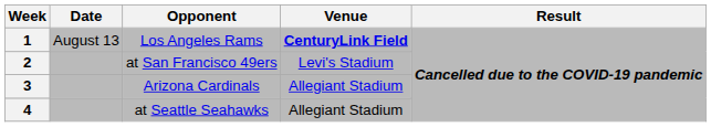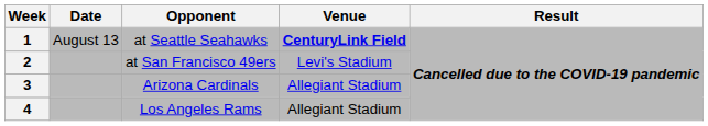 <table class="wikitable" style="text-align:center">
 <tr>
 <th>Week</th>
 <th>Date</th>
 <th>Opponent</th>
 <th>Venue</th>
 <th>Result</th>
 </tr>
 <tr style="background:#bababa">
 <th>1</th>
 <td>August 13</td>
-<td><a href='#'>Los Angeles Rams</a></td>
+<td>at <a href='#'>Seattle Seahawks</a></td>
 <td><strong><a href='#'>CenturyLink Field</a></strong></td>
 <td rowspan=4><strong><em>Cancelled due to the COVID-19 pandemic</em></strong></td>
 </tr>
 <tr style="background:#bababa">
 <th>2</th>
 <td></td>
 <td>at <a href='#'>San Francisco 49ers</a></td>
 <td><a href='#'>Levi's Stadium</a></td>
 </tr>
 <tr style="background:#bababa">
 <th>3</th>
 <td></td>
 <td><a href='#'>Arizona Cardinals</a></td>
 <td><a href='#'>Allegiant Stadium</a></td>
 </tr>
 <tr style="background:#bababa">
 <th>4</th>
 <td></td>
-<td>at <a href='#'>Seattle Seahawks</a></td>
+<td><a href='#'>Los Angeles Rams</a></td>
 <td>Allegiant Stadium</td>
 </tr>
 </table>
